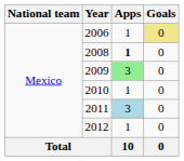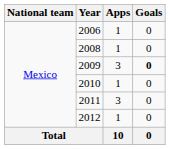 <table class="wikitable" style="text-align: center;">
 <tr>
 <th>National team</th>
 <th>Year</th>
 <th>Apps</th>
 <th>Goals</th>
 </tr>
 <tr>
 <td rowspan="6" valign="center"><a href='#'>Mexico</a></td>
 <td>2006</td>
 <td>1</td>
-<td style="background: khaki;">0</td>
+<td>0</td>
 </tr>
 <tr>
 <td>2008</td>
-<td><strong>1</strong></td>
+<td>1</td>
 <td>0</td>
 </tr>
 <tr>
 <td>2009</td>
-<td style="background: lightgreen;">3</td>
-<td>0</td>
+<td>3</td>
+<td><strong>0</strong></td>
 </tr>
 <tr>
 <td>2010</td>
 <td>1</td>
 <td>0</td>
 </tr>
 <tr>
 <td>2011</td>
-<td style="background: lightblue;">3</td>
+<td>3</td>
 <td>0</td>
 </tr>
 <tr>
 <td>2012</td>
 <td>1</td>
 <td>0</td>
 </tr>
 <tr>
 <th colspan="2">Total</th>
 <th>10</th>
 <th>0</th>
 </tr>
 </table>
